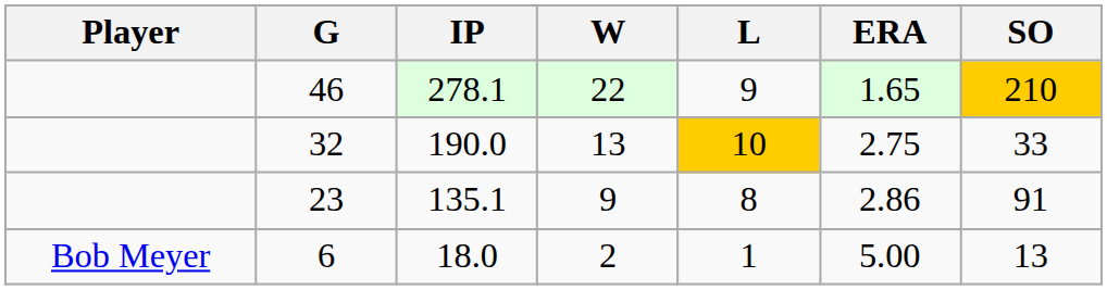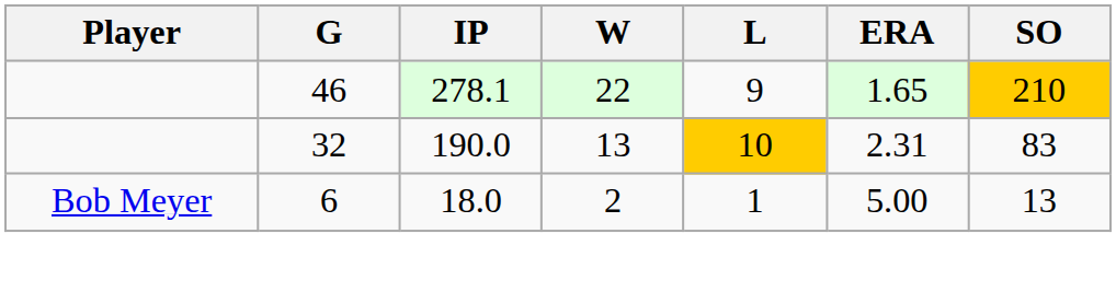 <table class="wikitable sortable">
 <tr>
 <th bgcolor="#DDDDFF" width="16%">Player</th>
 <th bgcolor="#DDDDFF" width="9%">G</th>
 <th bgcolor="#DDDDFF" width="9%">IP</th>
 <th bgcolor="#DDDDFF" width="9%">W</th>
 <th bgcolor="#DDDDFF" width="9%">L</th>
 <th bgcolor="#DDDDFF" width="9%">ERA</th>
 <th bgcolor="#DDDDFF" width="9%">SO</th>
 </tr>
 <tr align="center">
 <td></td>
 <td>46</td>
 <td style="background:#DDFFDD;">278.1</td>
 <td style="background:#DDFFDD;">22</td>
 <td>9</td>
 <td style="background:#DDFFDD;">1.65</td>
 <td style="background:#fc0;">210</td>
 </tr>
 <tr align="center">
 <td></td>
 <td>32</td>
 <td>190.0</td>
 <td>13</td>
 <td style="background:#fc0;">10</td>
-<td>2.75</td>
-<td>33</td>
-</tr>
-<tr align="center">
-<td></td>
-<td>23</td>
-<td>135.1</td>
-<td>9</td>
-<td>8</td>
-<td>2.86</td>
-<td>91</td>
+<td>2.31</td>
+<td>83</td>
 </tr>
 <tr align=center>
 <td><a href='#'>Bob Meyer</a></td>
 <td>6</td>
 <td>18.0</td>
 <td>2</td>
 <td>1</td>
 <td>5.00</td>
 <td>13</td>
 </tr>
 </table>
